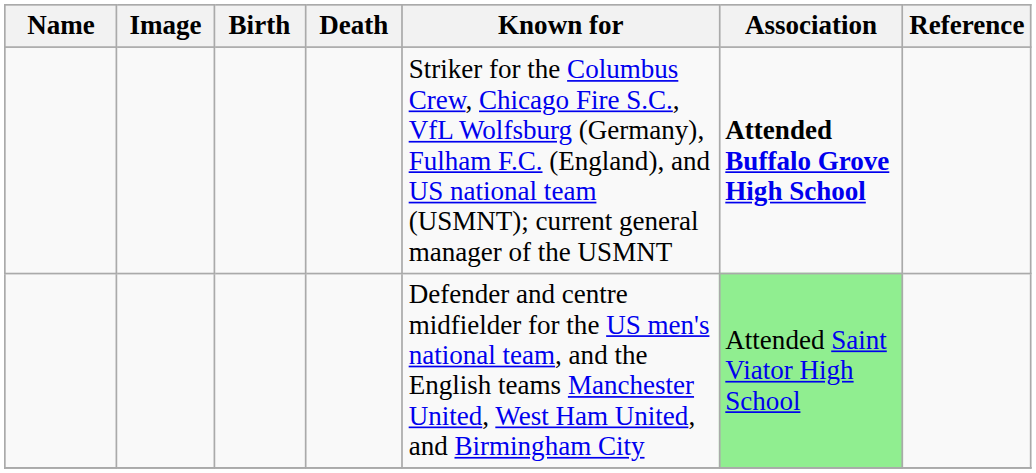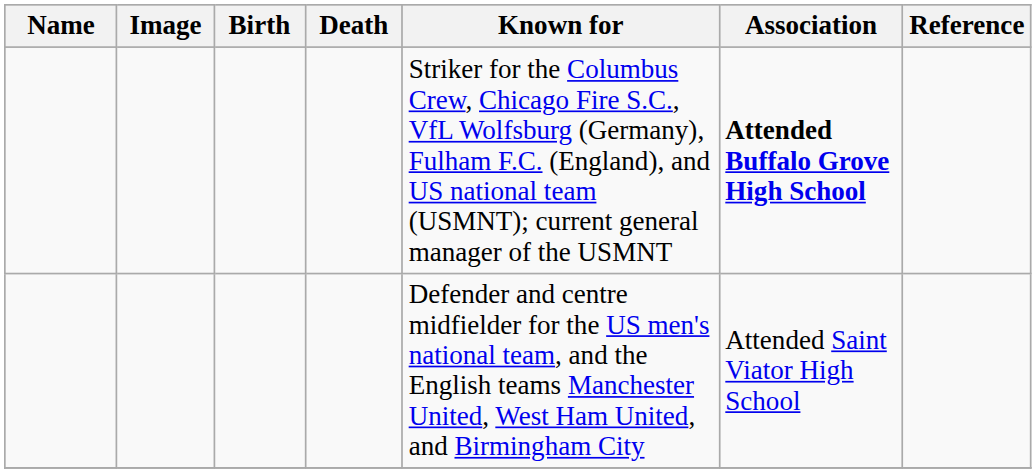 <table class="wikitable sortable">
 <tr>
 <th scope="col" width="140">Name</th>
 <th scope="col" width="80" class="unsortable">Image</th>
 <th scope="col" width="90">Birth</th>
 <th scope="col" width="90">Death</th>
 <th scope="col" width="600" class="unsortable">Known for</th>
 <th scope="col" width="200" class="unsortable">Association</th>
 <th scope="col" width="30" class="unsortable">Reference</th>
 </tr>
 <tr>
 <td></td>
 <td></td>
 <td align=right></td>
 <td></td>
 <td>Striker for the <a href='#'>Columbus Crew</a>, <a href='#'>Chicago Fire S.C.</a>, <a href='#'>VfL Wolfsburg</a> (Germany), <a href='#'>Fulham F.C.</a> (England), and <a href='#'>US national team</a> (USMNT); current general manager of the USMNT</td>
 <td><strong>Attended <a href='#'>Buffalo Grove High School</a></strong></td>
 <td align="center"></td>
 </tr>
 <tr>
 <td></td>
 <td></td>
 <td align=right></td>
 <td></td>
 <td>Defender and centre midfielder for the <a href='#'>US men's national team</a>, and the English teams <a href='#'>Manchester United</a>, <a href='#'>West Ham United</a>, and <a href='#'>Birmingham City</a></td>
-<td style="background: lightgreen;">Attended <a href='#'>Saint Viator High School</a></td>
+<td>Attended <a href='#'>Saint Viator High School</a></td>
 <td align="center"></td>
 </tr>
 <tr>
 </tr>
 </table>
